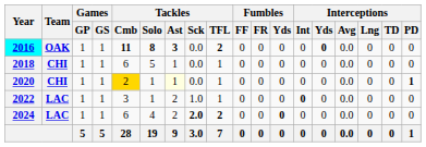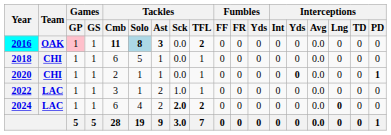 <table class= "wikitable" style="text-align:center;">
 <tr>
 <th rowspan="2">Year</th>
 <th rowspan="2">Team</th>
 <th colspan="2">Games</th>
 <th colspan="5">Tackles</th>
 <th colspan="3">Fumbles</th>
 <th colspan="6">Interceptions</th>
 </tr>
 <tr>
 <th>GP</th>
 <th>GS</th>
 <th>Cmb</th>
 <th>Solo</th>
 <th>Ast</th>
 <th>Sck</th>
 <th>TFL</th>
 <th>FF</th>
 <th>FR</th>
 <th>Yds</th>
 <th>Int</th>
 <th>Yds</th>
 <th>Avg</th>
 <th>Lng</th>
 <th>TD</th>
 <th>PD</th>
 </tr>
 <tr>
 <th style="background:#00ffff; width:3em"><a href='#'>2016</a></th>
 <th><a href='#'>OAK</a></th>
-<td>1</td>
+<td style="background: pink;">1</td>
 <td>1</td>
 <td><strong>11</strong></td>
-<td><strong>8</strong></td>
+<td style="background: lightblue;"><strong>8</strong></td>
 <td><strong>3</strong></td>
 <td>0.0</td>
 <td><strong>2</strong></td>
 <td>0</td>
 <td>0</td>
 <td>0</td>
 <td>0</td>
-<td><strong>0</strong></td>
+<td>0</td>
 <td>0.0</td>
 <td>0</td>
 <td>0</td>
 <td>0</td>
 </tr>
 <tr>
 <th><a href='#'>2018</a></th>
 <th><a href='#'>CHI</a></th>
 <td>1</td>
 <td>1</td>
 <td>6</td>
 <td>5</td>
 <td>1</td>
 <td>0.0</td>
 <td>1</td>
 <td>0</td>
 <td>0</td>
 <td>0</td>
 <td>0</td>
 <td>0</td>
 <td>0.0</td>
 <td>0</td>
 <td>0</td>
 <td>0</td>
 </tr>
 <tr>
 <th><a href='#'>2020</a></th>
 <th><a href='#'>CHI</a></th>
 <td>1</td>
 <td>1</td>
-<td style="background: gold;">2</td>
+<td>2</td>
 <td>1</td>
-<td style="background: lightyellow;">1</td>
+<td>1</td>
 <td>0.0</td>
 <td>1</td>
 <td>0</td>
 <td>0</td>
 <td>0</td>
 <td>0</td>
-<td>0</td>
+<td><strong>0</strong></td>
 <td>0.0</td>
 <td>0</td>
 <td>0</td>
 <td><strong>1</strong></td>
 </tr>
 <tr>
 <th><a href='#'>2022</a></th>
 <th><a href='#'>LAC</a></th>
 <td>1</td>
 <td>1</td>
 <td>3</td>
 <td>1</td>
 <td>2</td>
 <td>1.0</td>
 <td>1</td>
 <td>0</td>
 <td>0</td>
 <td>0</td>
-<td><strong>0</strong></td>
+<td>0</td>
 <td>0</td>
 <td>0.0</td>
 <td>0</td>
 <td>0</td>
 <td>0</td>
 </tr>
 <tr>
 <th><a href='#'>2024</a></th>
 <th><a href='#'>LAC</a></th>
 <td>1</td>
 <td>1</td>
 <td>6</td>
 <td>4</td>
 <td>2</td>
 <td><strong>2.0</strong></td>
 <td><strong>2</strong></td>
 <td>0</td>
 <td>0</td>
-<td><strong>0</strong></td>
+<td>0</td>
 <td>0</td>
 <td>0</td>
 <td>0.0</td>
-<td>0</td>
+<td><strong>0</strong></td>
 <td>0</td>
 <td>0</td>
 </tr>
 <tr>
 <th colspan="2"></th>
 <th>5</th>
 <th>5</th>
 <th>28</th>
 <th>19</th>
 <th>9</th>
 <th>3.0</th>
 <th>7</th>
 <th>0</th>
 <th>0</th>
 <th>0</th>
 <th>0</th>
 <th>0</th>
 <th>0.0</th>
 <th>0</th>
 <th>0</th>
 <th>1</th>
 </tr>
 </table>
